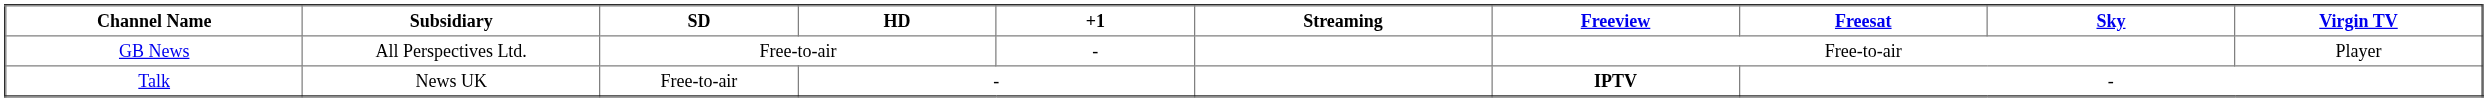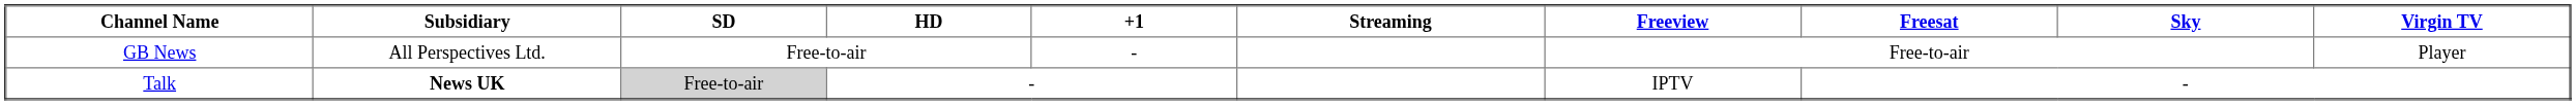 <table class="toccolours " border="2" cellpadding="3" style="border-collapse:collapse; font-size:90%; text-align:center; width:100%;">
 <tr>
 <th style="width:12%;">Channel Name</th>
 <th style="width:12%;">Subsidiary</th>
 <th style="width:8%;">SD</th>
 <th style="width:8%;">HD</th>
 <th style="width:8%;">+1</th>
 <th style="width:12%;">Streaming</th>
 <th style="width:10%;"><a href='#'>Freeview</a></th>
 <th style="width:10%;"><a href='#'>Freesat</a></th>
 <th style="width:10%;"><a href='#'>Sky</a></th>
 <th style="width:10%;"><a href='#'>Virgin TV</a></th>
 </tr>
 <tr>
 <td><a href='#'>GB News</a></td>
 <td>All Perspectives Ltd.</td>
 <td colspan="2">Free-to-air</td>
 <td>-</td>
 <td></td>
 <td colspan="3">Free-to-air</td>
 <td>Player</td>
 </tr>
 <tr>
 <td><a href='#'>Talk</a></td>
-<td>News UK</td>
-<td>Free-to-air</td>
+<td><strong>News UK</strong></td>
+<td style="background: lightgrey;">Free-to-air</td>
 <td colspan="2">-</td>
 <td></td>
-<td><strong>IPTV</strong></td>
+<td>IPTV</td>
 <td colspan="3">-</td>
 </tr>
 </table>
